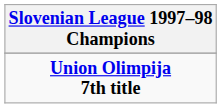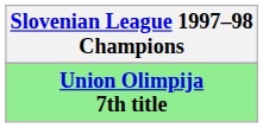 <table class="wikitable" style="text-align: center; margin: 0 auto;">
 <tr>
 <th><a href='#'>Slovenian League</a> 1997–98<br>Champions</th>
 </tr>
 <tr>
 </tr>
 <tr>
-<td><strong><a href='#'>Union Olimpija</a></strong><br><strong>7th title</strong></td>
+<td style="background: lightgreen;"><strong><a href='#'>Union Olimpija</a></strong><br><strong>7th title</strong></td>
 </tr>
 </table>
